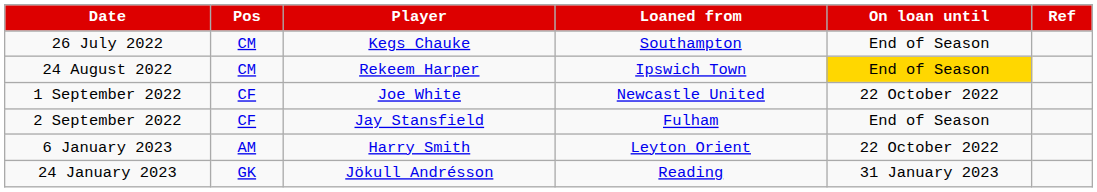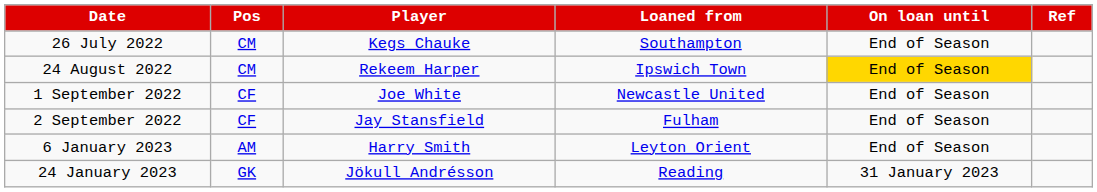 <table class="wikitable"  style="text-align:center; font-size:90%; ">
 <tr>
 <th style="background:#DD0000; color:#FFFFFF; width:150px; ">Date</th>
 <th style="background:#DD0000; color:#FFFFFF; width:50px; ">Pos</th>
 <th style="background:#DD0000; color:#FFFFFF; width:200px; ">Player</th>
 <th style="background:#DD0000; color:#FFFFFF; width:200px; ">Loaned from</th>
 <th style="background:#DD0000; color:#FFFFFF; width:150px; ">On loan until</th>
 <th style="background:#DD0000; color:#FFFFFF; width:40px; ">Ref</th>
 </tr>
 <tr>
 <td>26 July 2022</td>
 <td><a href='#'>CM</a></td>
 <td> <a href='#'>Kegs Chauke</a></td>
 <td> <a href='#'>Southampton</a></td>
 <td>End of Season</td>
 <td></td>
 </tr>
 <tr>
 <td>24 August 2022</td>
 <td><a href='#'>CM</a></td>
 <td> <a href='#'>Rekeem Harper</a></td>
 <td> <a href='#'>Ipswich Town</a></td>
 <td style="background: gold;">End of Season</td>
 <td></td>
 </tr>
 <tr>
 <td>1 September 2022</td>
 <td><a href='#'>CF</a></td>
 <td> <a href='#'>Joe White</a></td>
 <td> <a href='#'>Newcastle United</a></td>
-<td>22 October 2022</td>
+<td>End of Season</td>
 <td></td>
 </tr>
 <tr>
 <td>2 September 2022</td>
 <td><a href='#'>CF</a></td>
 <td> <a href='#'>Jay Stansfield</a></td>
 <td> <a href='#'>Fulham</a></td>
 <td>End of Season</td>
 <td></td>
 </tr>
 <tr>
 <td>6 January 2023</td>
 <td><a href='#'>AM</a></td>
 <td> <a href='#'>Harry Smith</a></td>
 <td> <a href='#'>Leyton Orient</a></td>
-<td>22 October 2022</td>
+<td>End of Season</td>
 <td></td>
 </tr>
 <tr>
 <td>24 January 2023</td>
 <td><a href='#'>GK</a></td>
 <td> <a href='#'>Jökull Andrésson</a></td>
 <td> <a href='#'>Reading</a></td>
 <td>31 January 2023</td>
 <td></td>
 </tr>
 </table>
